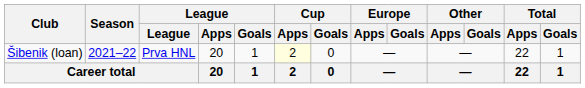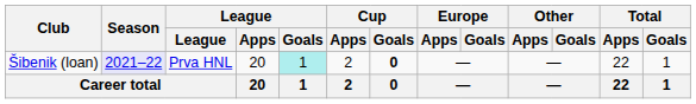 <table class="wikitable" style="text-align: center;">
 <tr>
 <th rowspan="2">Club</th>
 <th rowspan="2">Season</th>
 <th colspan="3">League</th>
 <th colspan="2">Cup</th>
 <th colspan="2">Europe</th>
 <th colspan="2">Other</th>
 <th colspan="2">Total</th>
 </tr>
 <tr>
 <th>League</th>
 <th>Apps</th>
 <th>Goals</th>
 <th>Apps</th>
 <th>Goals</th>
 <th>Apps</th>
 <th>Goals</th>
 <th>Apps</th>
 <th>Goals</th>
 <th>Apps</th>
 <th>Goals</th>
 </tr>
 <tr>
 <td><a href='#'>Šibenik</a> (loan)</td>
-<td><a href='#'>2021–22</a></td>
+<td style="background: lavender;"><a href='#'>2021–22</a></td>
 <td><a href='#'>Prva HNL</a></td>
 <td>20</td>
-<td>1</td>
-<td style="background: lightyellow;">2</td>
-<td>0</td>
+<td style="background: paleturquoise;">1</td>
+<td>2</td>
+<td><strong>0</strong></td>
 <td colspan="2">—</td>
 <td colspan="2">—</td>
 <td>22</td>
 <td>1</td>
 </tr>
 <tr>
 <th colspan="3">Career total</th>
 <th>20</th>
 <th>1</th>
 <th>2</th>
 <th>0</th>
 <th colspan="2">—</th>
 <th colspan="2">—</th>
 <th>22</th>
 <th>1</th>
 </tr>
 </table>
